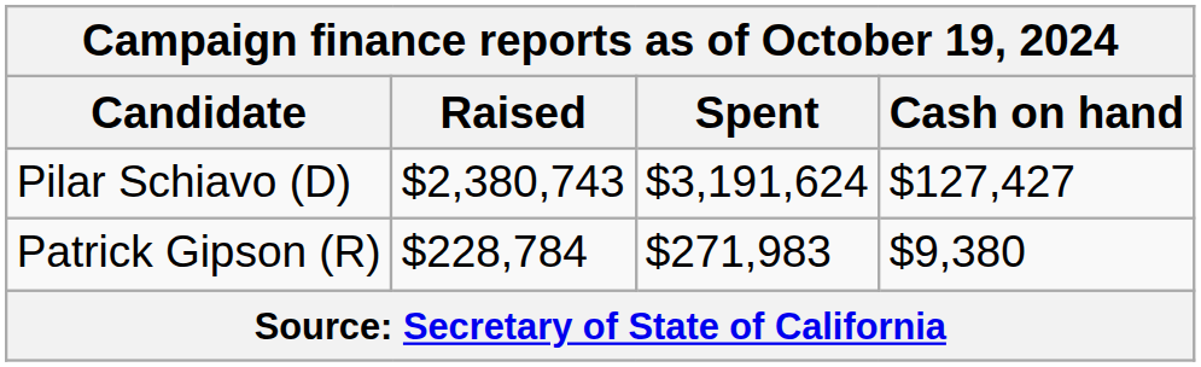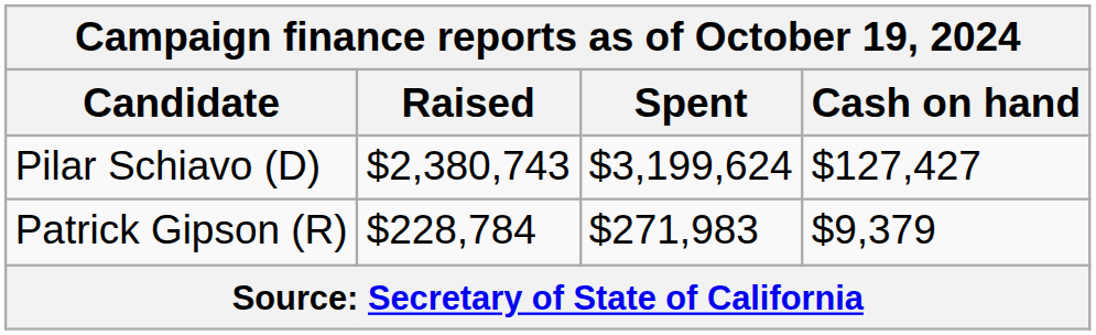 <table class="wikitable sortable">
 <tr>
 <th colspan=4>Campaign finance reports as of October 19, 2024</th>
 </tr>
 <tr style="text-align:center;">
 <th>Candidate</th>
 <th>Raised</th>
 <th>Spent</th>
 <th>Cash on hand</th>
 </tr>
 <tr>
 <td style="color:black;background-color:">Pilar Schiavo (D)</td>
 <td>$2,380,743</td>
-<td>$3,191,624</td>
+<td>$3,199,624</td>
 <td>$127,427</td>
 </tr>
 <tr>
 <td style="background-color:">Patrick Gipson (R)</td>
 <td>$228,784</td>
 <td>$271,983</td>
-<td>$9,380</td>
+<td>$9,379</td>
 </tr>
 <tr>
 <th colspan="4"><small>Source: <a href='#'>Secretary of State of California</a></small></th>
 </tr>
 </table>
